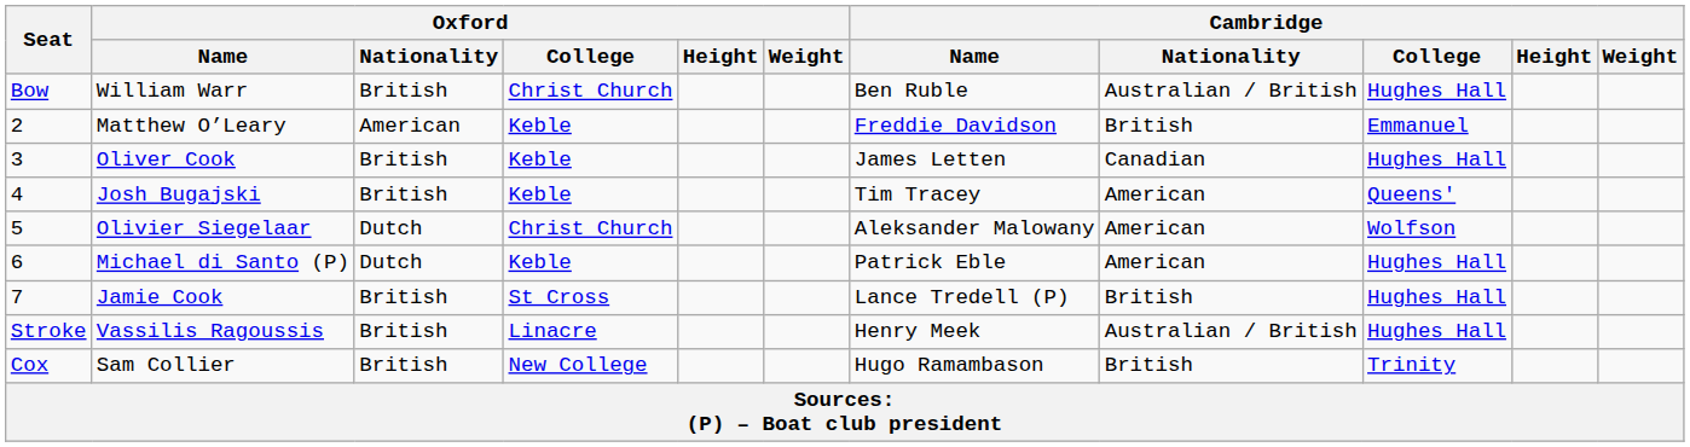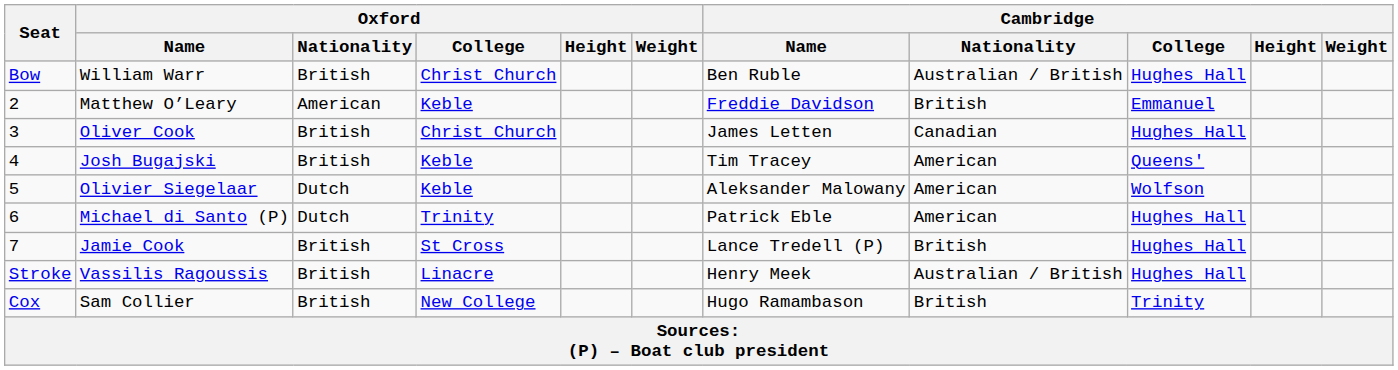 <table class="wikitable">
 <tr>
 <th rowspan="2" scope="col">Seat</th>
 <th colspan="5" scope="col">Oxford <br> </th>
 <th colspan="5" scope="col">Cambridge <br> </th>
 </tr>
 <tr>
 <th>Name</th>
 <th>Nationality</th>
 <th>College</th>
 <th>Height</th>
 <th>Weight</th>
 <th>Name</th>
 <th>Nationality</th>
 <th>College</th>
 <th>Height</th>
 <th>Weight</th>
 </tr>
 <tr>
 <td><a href='#'>Bow</a></td>
 <td>William Warr</td>
 <td>British</td>
 <td><a href='#'>Christ Church</a></td>
 <td></td>
 <td></td>
 <td>Ben Ruble</td>
 <td>Australian / British</td>
 <td><a href='#'>Hughes Hall</a></td>
 <td></td>
 <td></td>
 </tr>
 <tr>
 <td>2</td>
 <td>Matthew O’Leary</td>
 <td>American</td>
 <td><a href='#'>Keble</a></td>
 <td></td>
 <td></td>
 <td><a href='#'>Freddie Davidson</a></td>
 <td>British</td>
 <td><a href='#'>Emmanuel</a></td>
 <td></td>
 <td></td>
 </tr>
 <tr>
 <td>3</td>
 <td><a href='#'>Oliver Cook</a></td>
 <td>British</td>
-<td><a href='#'>Keble</a></td>
+<td><a href='#'>Christ Church</a></td>
 <td></td>
 <td></td>
 <td>James Letten</td>
 <td>Canadian</td>
 <td><a href='#'>Hughes Hall</a></td>
 <td></td>
 <td></td>
 </tr>
 <tr>
 <td>4</td>
 <td><a href='#'>Josh Bugajski</a></td>
 <td>British</td>
 <td><a href='#'>Keble</a></td>
 <td></td>
 <td></td>
 <td>Tim Tracey</td>
 <td>American</td>
 <td><a href='#'>Queens'</a></td>
 <td></td>
 <td></td>
 </tr>
 <tr>
 <td>5</td>
 <td><a href='#'>Olivier Siegelaar</a></td>
 <td>Dutch</td>
-<td><a href='#'>Christ Church</a></td>
+<td><a href='#'>Keble</a></td>
 <td></td>
 <td></td>
 <td>Aleksander Malowany</td>
 <td>American</td>
 <td><a href='#'>Wolfson</a></td>
 <td></td>
 <td></td>
 </tr>
 <tr>
 <td>6</td>
 <td><a href='#'>Michael di Santo</a> (P)</td>
 <td>Dutch</td>
-<td><a href='#'>Keble</a></td>
+<td><a href='#'>Trinity</a></td>
 <td></td>
 <td></td>
 <td>Patrick Eble</td>
 <td>American</td>
 <td><a href='#'>Hughes Hall</a></td>
 <td></td>
 <td></td>
 </tr>
 <tr>
 <td>7</td>
 <td><a href='#'>Jamie Cook</a></td>
 <td>British</td>
 <td><a href='#'>St Cross</a></td>
 <td></td>
 <td></td>
 <td>Lance Tredell (P)</td>
 <td>British</td>
 <td><a href='#'>Hughes Hall</a></td>
 <td></td>
 <td></td>
 </tr>
 <tr>
 <td><a href='#'>Stroke</a></td>
 <td><a href='#'>Vassilis Ragoussis</a></td>
 <td>British</td>
 <td><a href='#'>Linacre</a></td>
 <td></td>
 <td></td>
 <td>Henry Meek</td>
 <td>Australian / British</td>
 <td><a href='#'>Hughes Hall</a></td>
 <td></td>
 <td></td>
 </tr>
 <tr>
 <td><a href='#'>Cox</a></td>
 <td>Sam Collier</td>
 <td>British</td>
 <td><a href='#'>New College</a></td>
 <td></td>
 <td></td>
 <td>Hugo Ramambason</td>
 <td>British</td>
 <td><a href='#'>Trinity</a></td>
 <td></td>
 <td></td>
 </tr>
 <tr>
 <th colspan="11">Sources:<br>(P) – Boat club president</th>
 </tr>
 </table>
